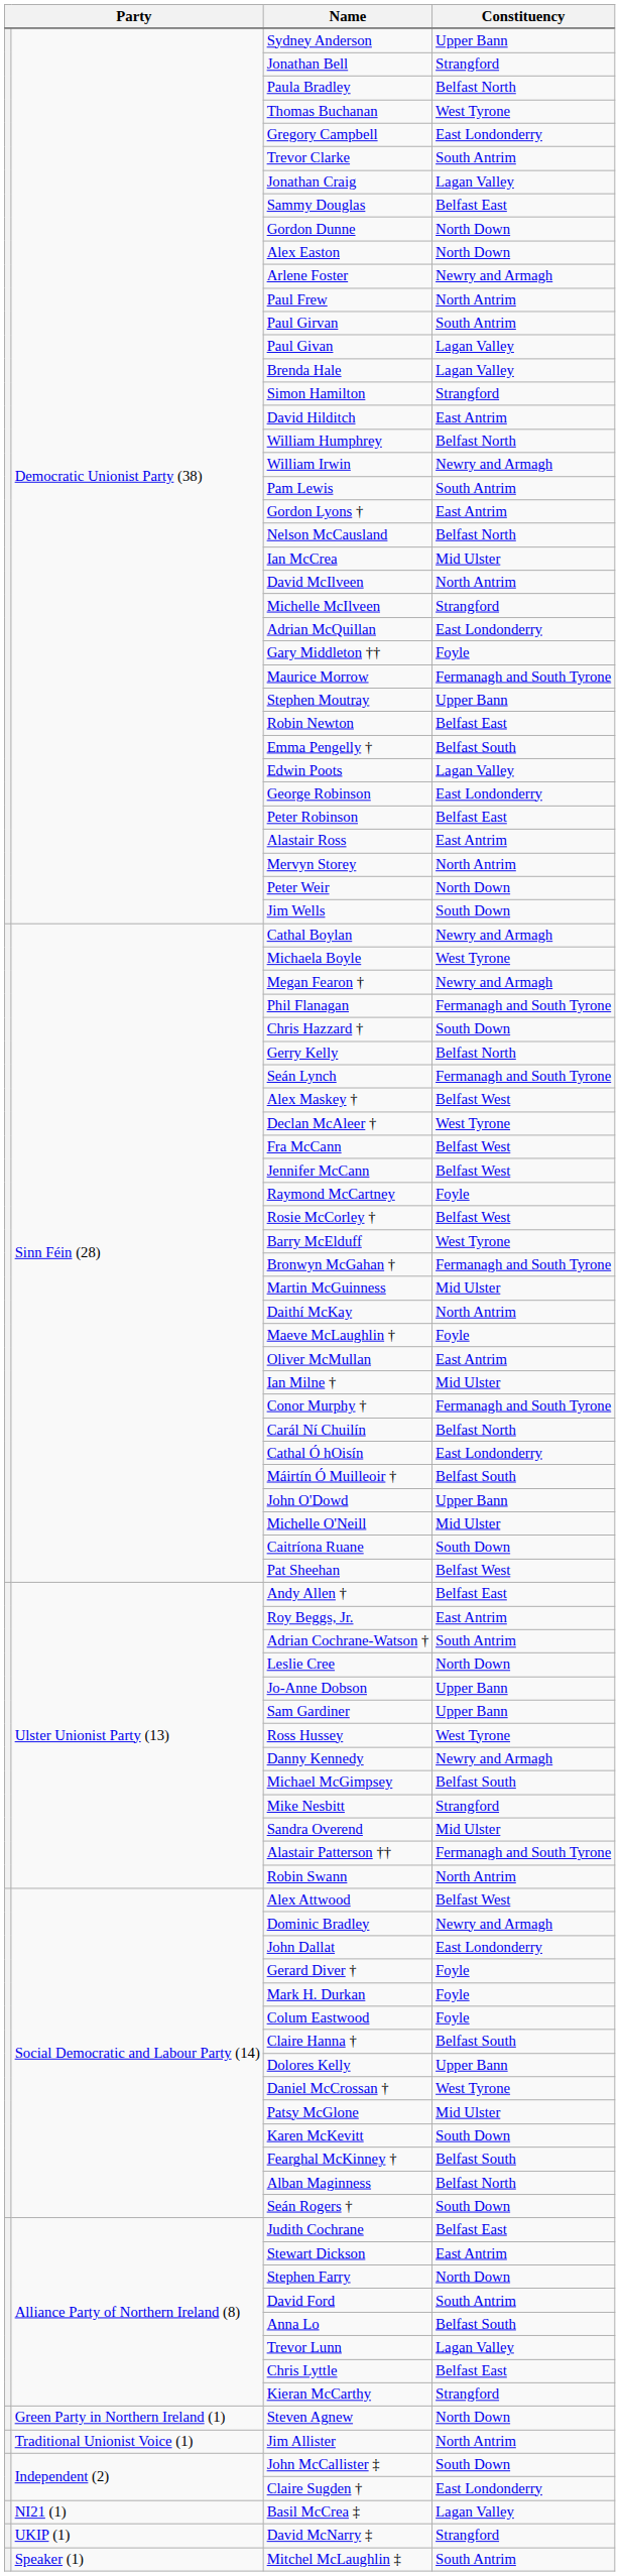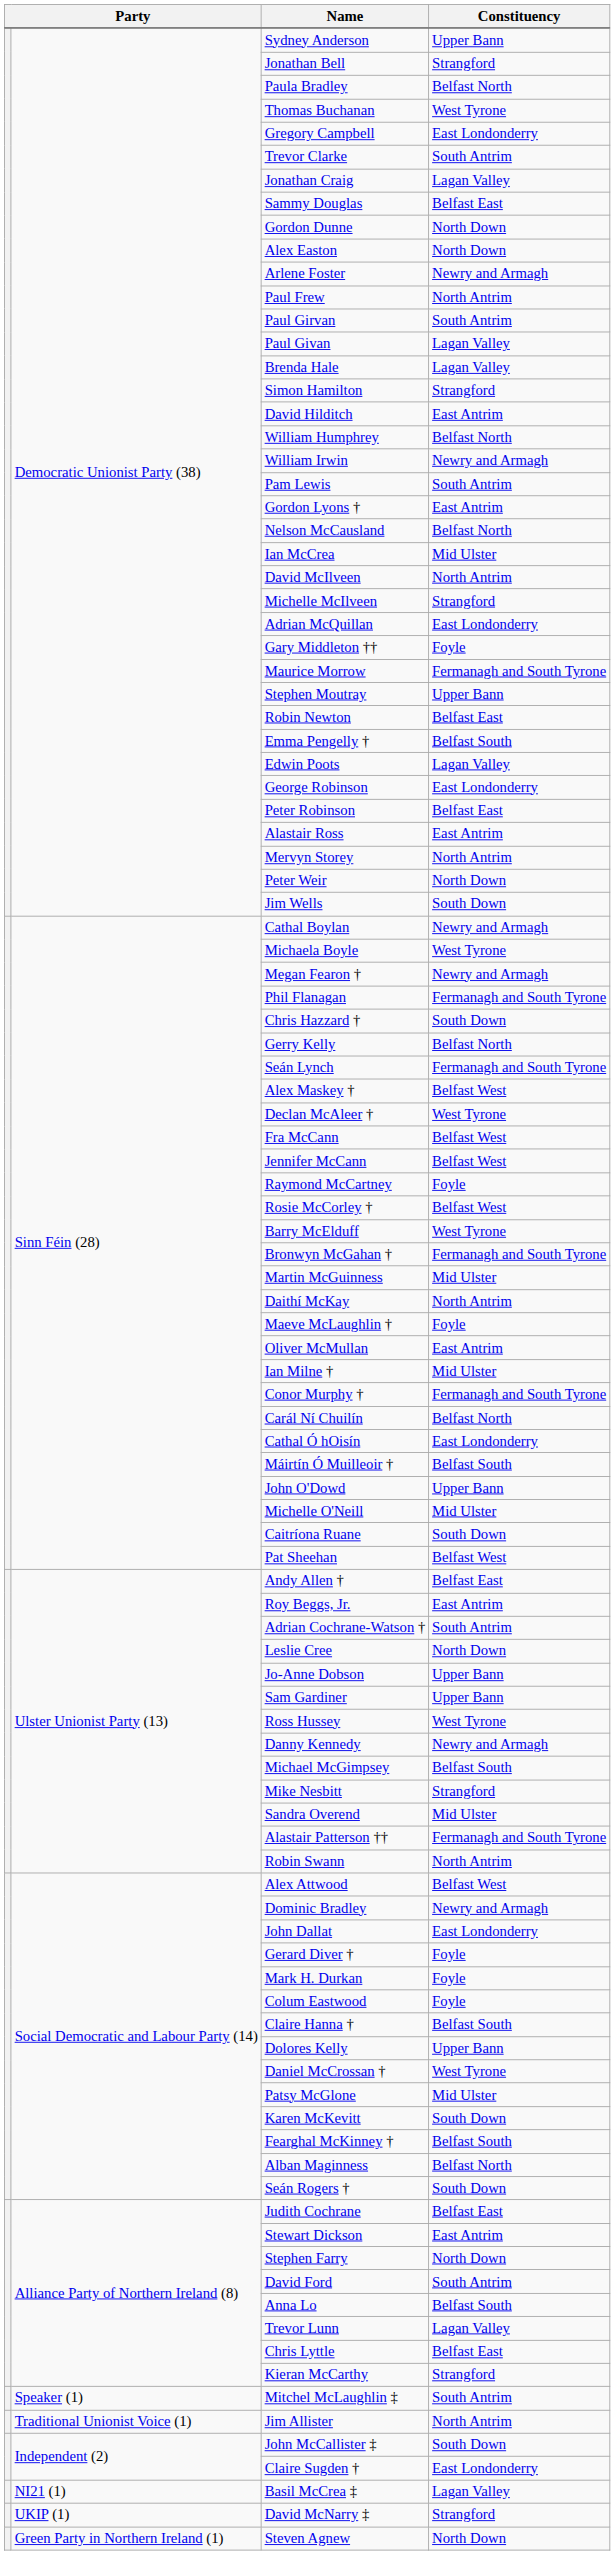 <table class="wikitable">
 <tr style="border-bottom: 2px solid gray;">
 <th colspan=2>Party</th>
 <th>Name</th>
 <th>Constituency</th>
 </tr>
 <tr>
 <th rowspan="38" style="background-color: "></th>
 <td rowspan="38"><a href='#'>Democratic Unionist Party</a> (38)</td>
 <td><a href='#'>Sydney Anderson</a></td>
 <td><a href='#'>Upper Bann</a></td>
 </tr>
 <tr>
 <td><a href='#'>Jonathan Bell</a></td>
 <td><a href='#'>Strangford</a></td>
 </tr>
 <tr>
 <td><a href='#'>Paula Bradley</a></td>
 <td><a href='#'>Belfast North</a></td>
 </tr>
 <tr>
 <td><a href='#'>Thomas Buchanan</a></td>
 <td><a href='#'>West Tyrone</a></td>
 </tr>
 <tr>
 <td><a href='#'>Gregory Campbell</a></td>
 <td><a href='#'>East Londonderry</a></td>
 </tr>
 <tr>
 <td><a href='#'>Trevor Clarke</a></td>
 <td><a href='#'>South Antrim</a></td>
 </tr>
 <tr>
 <td><a href='#'>Jonathan Craig</a></td>
 <td><a href='#'>Lagan Valley</a></td>
 </tr>
 <tr>
 <td><a href='#'>Sammy Douglas</a></td>
 <td><a href='#'>Belfast East</a></td>
 </tr>
 <tr>
 <td><a href='#'>Gordon Dunne</a></td>
 <td><a href='#'>North Down</a></td>
 </tr>
 <tr>
 <td><a href='#'>Alex Easton</a></td>
 <td><a href='#'>North Down</a></td>
 </tr>
 <tr>
 <td><a href='#'>Arlene Foster</a></td>
 <td><a href='#'>Newry and Armagh</a></td>
 </tr>
 <tr>
 <td><a href='#'>Paul Frew</a></td>
 <td><a href='#'>North Antrim</a></td>
 </tr>
 <tr>
 <td><a href='#'>Paul Girvan</a></td>
 <td><a href='#'>South Antrim</a></td>
 </tr>
 <tr>
 <td><a href='#'>Paul Givan</a></td>
 <td><a href='#'>Lagan Valley</a></td>
 </tr>
 <tr>
 <td><a href='#'>Brenda Hale</a></td>
 <td><a href='#'>Lagan Valley</a></td>
 </tr>
 <tr>
 <td><a href='#'>Simon Hamilton</a></td>
 <td><a href='#'>Strangford</a></td>
 </tr>
 <tr>
 <td><a href='#'>David Hilditch</a></td>
 <td><a href='#'>East Antrim</a></td>
 </tr>
 <tr>
 <td><a href='#'>William Humphrey</a></td>
 <td><a href='#'>Belfast North</a></td>
 </tr>
 <tr>
 <td><a href='#'>William Irwin</a></td>
 <td><a href='#'>Newry and Armagh</a></td>
 </tr>
 <tr>
 <td><a href='#'>Pam Lewis</a></td>
 <td><a href='#'>South Antrim</a></td>
 </tr>
 <tr>
 <td><a href='#'>Gordon Lyons</a> †</td>
 <td><a href='#'>East Antrim</a></td>
 </tr>
 <tr>
 <td><a href='#'>Nelson McCausland</a></td>
 <td><a href='#'>Belfast North</a></td>
 </tr>
 <tr>
 <td><a href='#'>Ian McCrea</a></td>
 <td><a href='#'>Mid Ulster</a></td>
 </tr>
 <tr>
 <td><a href='#'>David McIlveen</a></td>
 <td><a href='#'>North Antrim</a></td>
 </tr>
 <tr>
 <td><a href='#'>Michelle McIlveen</a></td>
 <td><a href='#'>Strangford</a></td>
 </tr>
 <tr>
 <td><a href='#'>Adrian McQuillan</a></td>
 <td><a href='#'>East Londonderry</a></td>
 </tr>
 <tr>
 <td><a href='#'>Gary Middleton</a> ††</td>
 <td><a href='#'>Foyle</a></td>
 </tr>
 <tr>
 <td><a href='#'>Maurice Morrow</a></td>
 <td><a href='#'>Fermanagh and South Tyrone</a></td>
 </tr>
 <tr>
 <td><a href='#'>Stephen Moutray</a></td>
 <td><a href='#'>Upper Bann</a></td>
 </tr>
 <tr>
 <td><a href='#'>Robin Newton</a></td>
 <td><a href='#'>Belfast East</a></td>
 </tr>
 <tr>
 <td><a href='#'>Emma Pengelly</a> †</td>
 <td><a href='#'>Belfast South</a></td>
 </tr>
 <tr>
 <td><a href='#'>Edwin Poots</a></td>
 <td><a href='#'>Lagan Valley</a></td>
 </tr>
 <tr>
 <td><a href='#'>George Robinson</a></td>
 <td><a href='#'>East Londonderry</a></td>
 </tr>
 <tr>
 <td><a href='#'>Peter Robinson</a></td>
 <td><a href='#'>Belfast East</a></td>
 </tr>
 <tr>
 <td><a href='#'>Alastair Ross</a></td>
 <td><a href='#'>East Antrim</a></td>
 </tr>
 <tr>
 <td><a href='#'>Mervyn Storey</a></td>
 <td><a href='#'>North Antrim</a></td>
 </tr>
 <tr>
 <td><a href='#'>Peter Weir</a></td>
 <td><a href='#'>North Down</a></td>
 </tr>
 <tr>
 <td><a href='#'>Jim Wells</a></td>
 <td><a href='#'>South Down</a></td>
 </tr>
 <tr>
 <th rowspan="28" style="background-color: "></th>
 <td rowspan="28"><a href='#'>Sinn Féin</a> (28)</td>
 <td><a href='#'>Cathal Boylan</a></td>
 <td><a href='#'>Newry and Armagh</a></td>
 </tr>
 <tr>
 <td><a href='#'>Michaela Boyle</a></td>
 <td><a href='#'>West Tyrone</a></td>
 </tr>
 <tr>
 <td><a href='#'>Megan Fearon</a> †</td>
 <td><a href='#'>Newry and Armagh</a></td>
 </tr>
 <tr>
 <td><a href='#'>Phil Flanagan</a></td>
 <td><a href='#'>Fermanagh and South Tyrone</a></td>
 </tr>
 <tr>
 <td><a href='#'>Chris Hazzard</a> †</td>
 <td><a href='#'>South Down</a></td>
 </tr>
 <tr>
 <td><a href='#'>Gerry Kelly</a></td>
 <td><a href='#'>Belfast North</a></td>
 </tr>
 <tr>
 <td><a href='#'>Seán Lynch</a></td>
 <td><a href='#'>Fermanagh and South Tyrone</a></td>
 </tr>
 <tr>
 <td><a href='#'>Alex Maskey</a> †</td>
 <td><a href='#'>Belfast West</a></td>
 </tr>
 <tr>
 <td><a href='#'>Declan McAleer</a> †</td>
 <td><a href='#'>West Tyrone</a></td>
 </tr>
 <tr>
 <td><a href='#'>Fra McCann</a></td>
 <td><a href='#'>Belfast West</a></td>
 </tr>
 <tr>
 <td><a href='#'>Jennifer McCann</a></td>
 <td><a href='#'>Belfast West</a></td>
 </tr>
 <tr>
 <td><a href='#'>Raymond McCartney</a></td>
 <td><a href='#'>Foyle</a></td>
 </tr>
 <tr>
 <td><a href='#'>Rosie McCorley</a> †</td>
 <td><a href='#'>Belfast West</a></td>
 </tr>
 <tr>
 <td><a href='#'>Barry McElduff</a></td>
 <td><a href='#'>West Tyrone</a></td>
 </tr>
 <tr>
 <td><a href='#'>Bronwyn McGahan</a> †</td>
 <td><a href='#'>Fermanagh and South Tyrone</a></td>
 </tr>
 <tr>
 <td><a href='#'>Martin McGuinness</a></td>
 <td><a href='#'>Mid Ulster</a></td>
 </tr>
 <tr>
 <td><a href='#'>Daithí McKay</a></td>
 <td><a href='#'>North Antrim</a></td>
 </tr>
 <tr>
 <td><a href='#'>Maeve McLaughlin</a> †</td>
 <td><a href='#'>Foyle</a></td>
 </tr>
 <tr>
 <td><a href='#'>Oliver McMullan</a></td>
 <td><a href='#'>East Antrim</a></td>
 </tr>
 <tr>
 <td><a href='#'>Ian Milne</a> †</td>
 <td><a href='#'>Mid Ulster</a></td>
 </tr>
 <tr>
 <td><a href='#'>Conor Murphy</a> †</td>
 <td><a href='#'>Fermanagh and South Tyrone</a></td>
 </tr>
 <tr>
 <td><a href='#'>Carál Ní Chuilín</a></td>
 <td><a href='#'>Belfast North</a></td>
 </tr>
 <tr>
 <td><a href='#'>Cathal Ó hOisín</a></td>
 <td><a href='#'>East Londonderry</a></td>
 </tr>
 <tr>
 <td><a href='#'>Máirtín Ó Muilleoir</a> †</td>
 <td><a href='#'>Belfast South</a></td>
 </tr>
 <tr>
 <td><a href='#'>John O'Dowd</a></td>
 <td><a href='#'>Upper Bann</a></td>
 </tr>
 <tr>
 <td><a href='#'>Michelle O'Neill</a></td>
 <td><a href='#'>Mid Ulster</a></td>
 </tr>
 <tr>
 <td><a href='#'>Caitríona Ruane</a></td>
 <td><a href='#'>South Down</a></td>
 </tr>
 <tr>
 <td><a href='#'>Pat Sheehan</a></td>
 <td><a href='#'>Belfast West</a></td>
 </tr>
 <tr>
 <th rowspan="13" style="background-color: "></th>
 <td rowspan="13"><a href='#'>Ulster Unionist Party</a> (13)</td>
 <td><a href='#'>Andy Allen</a> †</td>
 <td><a href='#'>Belfast East</a></td>
 </tr>
 <tr>
 <td><a href='#'>Roy Beggs, Jr.</a></td>
 <td><a href='#'>East Antrim</a></td>
 </tr>
 <tr>
 <td><a href='#'>Adrian Cochrane-Watson</a> †</td>
 <td><a href='#'>South Antrim</a></td>
 </tr>
 <tr>
 <td><a href='#'>Leslie Cree</a></td>
 <td><a href='#'>North Down</a></td>
 </tr>
 <tr>
 <td><a href='#'>Jo-Anne Dobson</a></td>
 <td><a href='#'>Upper Bann</a></td>
 </tr>
 <tr>
 <td><a href='#'>Sam Gardiner</a></td>
 <td><a href='#'>Upper Bann</a></td>
 </tr>
 <tr>
 <td><a href='#'>Ross Hussey</a></td>
 <td><a href='#'>West Tyrone</a></td>
 </tr>
 <tr>
 <td><a href='#'>Danny Kennedy</a></td>
 <td><a href='#'>Newry and Armagh</a></td>
 </tr>
 <tr>
 <td><a href='#'>Michael McGimpsey</a></td>
 <td><a href='#'>Belfast South</a></td>
 </tr>
 <tr>
 <td><a href='#'>Mike Nesbitt</a></td>
 <td><a href='#'>Strangford</a></td>
 </tr>
 <tr>
 <td><a href='#'>Sandra Overend</a></td>
 <td><a href='#'>Mid Ulster</a></td>
 </tr>
 <tr>
 <td><a href='#'>Alastair Patterson</a> ††</td>
 <td><a href='#'>Fermanagh and South Tyrone</a></td>
 </tr>
 <tr>
 <td><a href='#'>Robin Swann</a></td>
 <td><a href='#'>North Antrim</a></td>
 </tr>
 <tr>
 <th rowspan="14" style="background-color: "></th>
 <td rowspan="14"><a href='#'>Social Democratic and Labour Party</a> (14)</td>
 <td><a href='#'>Alex Attwood</a></td>
 <td><a href='#'>Belfast West</a></td>
 </tr>
 <tr>
 <td><a href='#'>Dominic Bradley</a></td>
 <td><a href='#'>Newry and Armagh</a></td>
 </tr>
 <tr>
 <td><a href='#'>John Dallat</a></td>
 <td><a href='#'>East Londonderry</a></td>
 </tr>
 <tr>
 <td><a href='#'>Gerard Diver</a> †</td>
 <td><a href='#'>Foyle</a></td>
 </tr>
 <tr>
 <td><a href='#'>Mark H. Durkan</a></td>
 <td><a href='#'>Foyle</a></td>
 </tr>
 <tr>
 <td><a href='#'>Colum Eastwood</a></td>
 <td><a href='#'>Foyle</a></td>
 </tr>
 <tr>
 <td><a href='#'>Claire Hanna</a> †</td>
 <td><a href='#'>Belfast South</a></td>
 </tr>
 <tr>
 <td><a href='#'>Dolores Kelly</a></td>
 <td><a href='#'>Upper Bann</a></td>
 </tr>
 <tr>
 <td><a href='#'>Daniel McCrossan</a> †</td>
 <td><a href='#'>West Tyrone</a></td>
 </tr>
 <tr>
 <td><a href='#'>Patsy McGlone</a></td>
 <td><a href='#'>Mid Ulster</a></td>
 </tr>
 <tr>
 <td><a href='#'>Karen McKevitt</a></td>
 <td><a href='#'>South Down</a></td>
 </tr>
 <tr>
 <td><a href='#'>Fearghal McKinney</a> †</td>
 <td><a href='#'>Belfast South</a></td>
 </tr>
 <tr>
 <td><a href='#'>Alban Maginness</a></td>
 <td><a href='#'>Belfast North</a></td>
 </tr>
 <tr>
 <td><a href='#'>Seán Rogers</a> †</td>
 <td><a href='#'>South Down</a></td>
 </tr>
 <tr>
 <th rowspan="8" style="background-color: "></th>
 <td rowspan="8"><a href='#'>Alliance Party of Northern Ireland</a> (8)</td>
 <td><a href='#'>Judith Cochrane</a></td>
 <td><a href='#'>Belfast East</a></td>
 </tr>
 <tr>
 <td><a href='#'>Stewart Dickson</a></td>
 <td><a href='#'>East Antrim</a></td>
 </tr>
 <tr>
 <td><a href='#'>Stephen Farry</a></td>
 <td><a href='#'>North Down</a></td>
 </tr>
 <tr>
 <td><a href='#'>David Ford</a></td>
 <td><a href='#'>South Antrim</a></td>
 </tr>
 <tr>
 <td><a href='#'>Anna Lo</a></td>
 <td><a href='#'>Belfast South</a></td>
 </tr>
 <tr>
 <td><a href='#'>Trevor Lunn</a></td>
 <td><a href='#'>Lagan Valley</a></td>
 </tr>
 <tr>
 <td><a href='#'>Chris Lyttle</a></td>
 <td><a href='#'>Belfast East</a></td>
 </tr>
 <tr>
 <td><a href='#'>Kieran McCarthy</a></td>
 <td><a href='#'>Strangford</a></td>
 </tr>
 <tr>
-<th style="background-color: "></th>
-<td><a href='#'>Green Party in Northern Ireland</a> (1)</td>
-<td><a href='#'>Steven Agnew</a></td>
-<td><a href='#'>North Down</a></td>
+<th rowspan="1" style="background-color: "></th>
+<td rowspan="1"><a href='#'>Speaker</a> (1)</td>
+<td><a href='#'>Mitchel McLaughlin</a> ‡</td>
+<td><a href='#'>South Antrim</a></td>
 </tr>
 <tr>
 <th style="background-color: "></th>
 <td><a href='#'>Traditional Unionist Voice</a> (1)</td>
 <td><a href='#'>Jim Allister</a></td>
 <td><a href='#'>North Antrim</a></td>
 </tr>
 <tr>
 <th rowspan="2" style="background-color: "></th>
 <td rowspan="2"><a href='#'>Independent</a> (2)</td>
 <td><a href='#'>John McCallister</a> ‡</td>
 <td><a href='#'>South Down</a></td>
 </tr>
 <tr>
 <td><a href='#'>Claire Sugden</a> †</td>
 <td><a href='#'>East Londonderry</a></td>
 </tr>
 <tr>
 <th style="background-color: "></th>
 <td><a href='#'>NI21</a> (1)</td>
 <td><a href='#'>Basil McCrea</a> ‡</td>
 <td><a href='#'>Lagan Valley</a></td>
 </tr>
 <tr>
 <th style="background-color: "></th>
 <td><a href='#'>UKIP</a> (1)</td>
 <td><a href='#'>David McNarry</a> ‡</td>
 <td><a href='#'>Strangford</a></td>
 </tr>
 <tr>
-<th rowspan="1" style="background-color: "></th>
-<td rowspan="1"><a href='#'>Speaker</a> (1)</td>
-<td><a href='#'>Mitchel McLaughlin</a> ‡</td>
-<td><a href='#'>South Antrim</a></td>
+<th style="background-color: "></th>
+<td><a href='#'>Green Party in Northern Ireland</a> (1)</td>
+<td><a href='#'>Steven Agnew</a></td>
+<td><a href='#'>North Down</a></td>
 </tr>
 </table>
